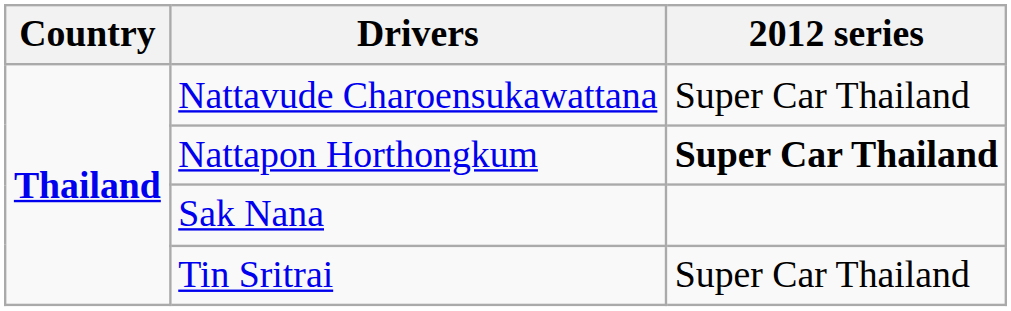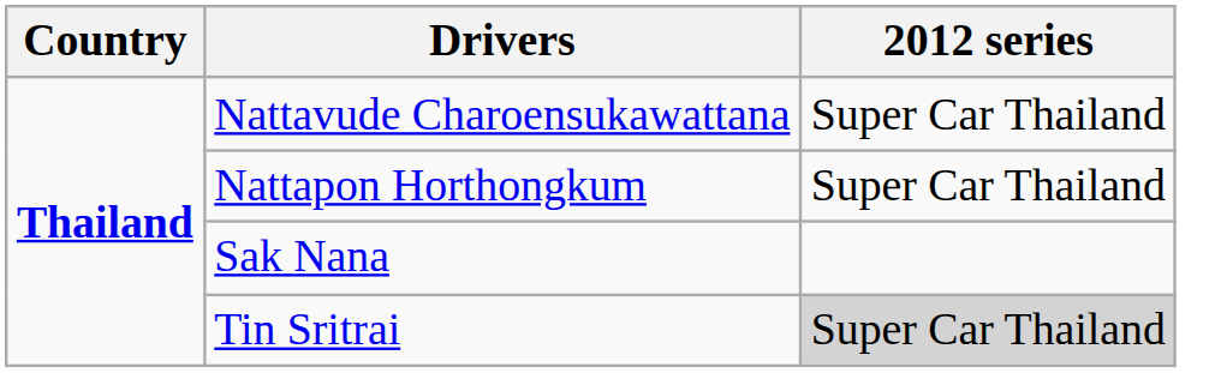 <table class="wikitable">
 <tr>
 <th>Country</th>
 <th>Drivers</th>
 <th>2012 series</th>
 </tr>
 <tr>
 <td rowspan=4><strong><a href='#'>Thailand</a></strong></td>
 <td> <a href='#'>Nattavude Charoensukawattana</a></td>
 <td>Super Car Thailand</td>
 </tr>
 <tr>
 <td> <a href='#'>Nattapon Horthongkum</a></td>
-<td><strong>Super Car Thailand</strong></td>
+<td>Super Car Thailand</td>
 </tr>
 <tr>
 <td> <a href='#'>Sak Nana</a></td>
 <td></td>
 </tr>
 <tr>
 <td> <a href='#'>Tin Sritrai</a></td>
-<td>Super Car Thailand</td>
+<td style="background: lightgrey;">Super Car Thailand</td>
 </tr>
 </table>
